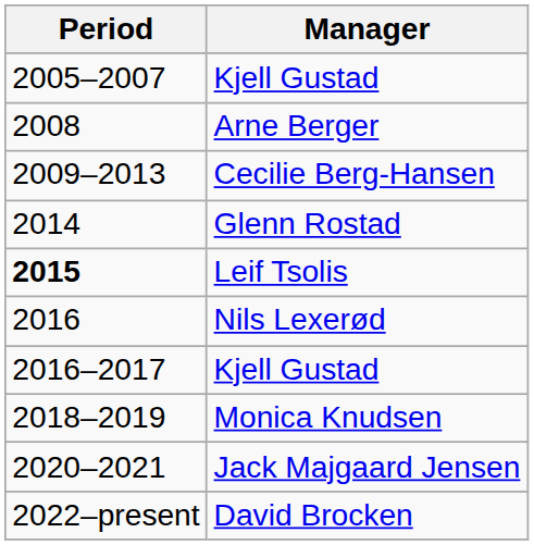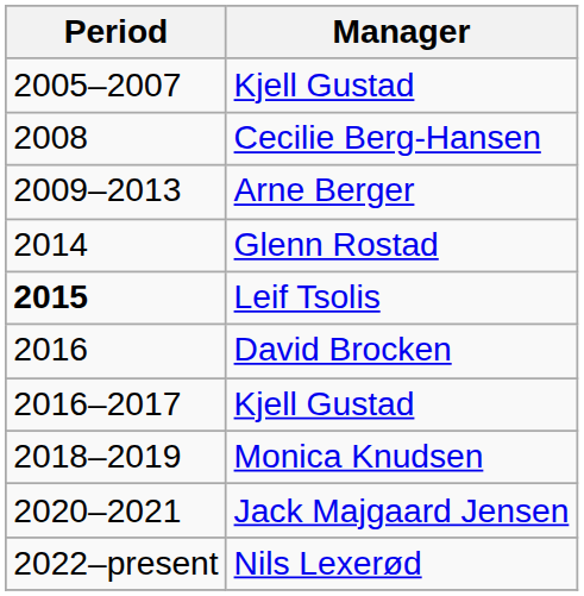 <table class="wikitable">
 <tr>
 <th>Period</th>
 <th>Manager</th>
 </tr>
 <tr>
 <td>2005–2007</td>
 <td> <a href='#'>Kjell Gustad</a></td>
 </tr>
 <tr>
 <td>2008</td>
-<td> <a href='#'>Arne Berger</a></td>
+<td> <a href='#'>Cecilie Berg-Hansen</a></td>
 </tr>
 <tr>
 <td>2009–2013</td>
-<td> <a href='#'>Cecilie Berg-Hansen</a></td>
+<td> <a href='#'>Arne Berger</a></td>
 </tr>
 <tr>
 <td>2014</td>
 <td> <a href='#'>Glenn Rostad</a></td>
 </tr>
 <tr>
 <td><strong>2015</strong></td>
 <td> <a href='#'>Leif Tsolis</a></td>
 </tr>
 <tr>
 <td>2016</td>
-<td> <a href='#'>Nils Lexerød</a></td>
+<td> <a href='#'>David Brocken</a></td>
 </tr>
 <tr>
 <td>2016–2017</td>
 <td> <a href='#'>Kjell Gustad</a></td>
 </tr>
 <tr>
 <td>2018–2019</td>
 <td> <a href='#'>Monica Knudsen</a></td>
 </tr>
 <tr>
 <td>2020–2021</td>
 <td> <a href='#'>Jack Majgaard Jensen</a></td>
 </tr>
 <tr>
 <td>2022–present</td>
-<td> <a href='#'>David Brocken</a></td>
+<td> <a href='#'>Nils Lexerød</a></td>
 </tr>
 </table>
